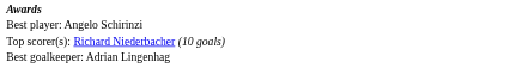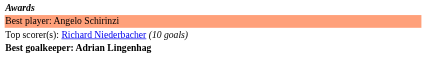 <table width=100% cellspacing=1 style="font-size: 90%;">
 <tr>
 <td><strong><em>Awards</em></strong></td>
 </tr>
 <tr>
-<td>Best player:  Angelo Schirinzi</td>
+<td style="background: lightsalmon;">Best player:  Angelo Schirinzi</td>
 </tr>
 <tr>
 <td colspan=4>Top scorer(s):  <a href='#'>Richard Niederbacher</a> <em>(10 goals)</em></td>
 </tr>
 <tr>
-<td>Best goalkeeper:  Adrian Lingenhag</td>
+<td><strong>Best goalkeeper:  Adrian Lingenhag</strong></td>
 </tr>
 </table>
